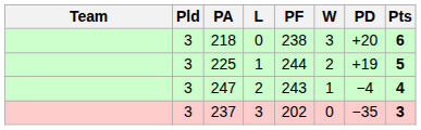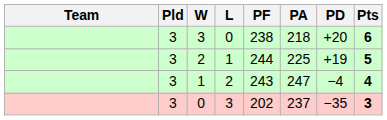 <table class="wikitable" style="text-align:center;">
 <tr>
 <th width=170>Team</th>
 <th width=25>Pld</th>
-<th width=35>PA</th>
+<th width=25>W</th>
 <th width=25>L</th>
 <th width=35>PF</th>
-<th width=25>W</th>
+<th width=35>PA</th>
 <th width=35>PD</th>
 <th width=25>Pts</th>
 </tr>
 <tr style="background: #ccffcc;">
 <td align="left"></td>
 <td>3</td>
-<td>218</td>
+<td>3</td>
 <td>0</td>
 <td>238</td>
-<td>3</td>
+<td>218</td>
 <td>+20</td>
 <td><strong>6</strong></td>
 </tr>
 <tr style="background: #ccffcc;">
 <td align="left"></td>
 <td>3</td>
-<td>225</td>
+<td>2</td>
 <td>1</td>
 <td>244</td>
-<td>2</td>
+<td>225</td>
 <td>+19</td>
 <td><strong>5</strong></td>
 </tr>
 <tr style="background: #ccffcc;">
 <td align="left"></td>
 <td>3</td>
-<td>247</td>
+<td>1</td>
 <td>2</td>
 <td>243</td>
-<td>1</td>
+<td>247</td>
 <td>−4</td>
 <td><strong>4</strong></td>
 </tr>
 <tr style="background: #ffcccc;">
 <td align="left"></td>
 <td>3</td>
-<td>237</td>
+<td>0</td>
 <td>3</td>
 <td>202</td>
-<td>0</td>
+<td>237</td>
 <td>−35</td>
 <td><strong>3</strong></td>
 </tr>
 </table>
